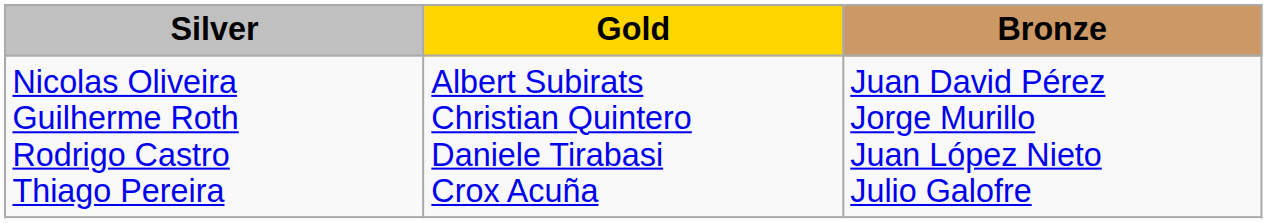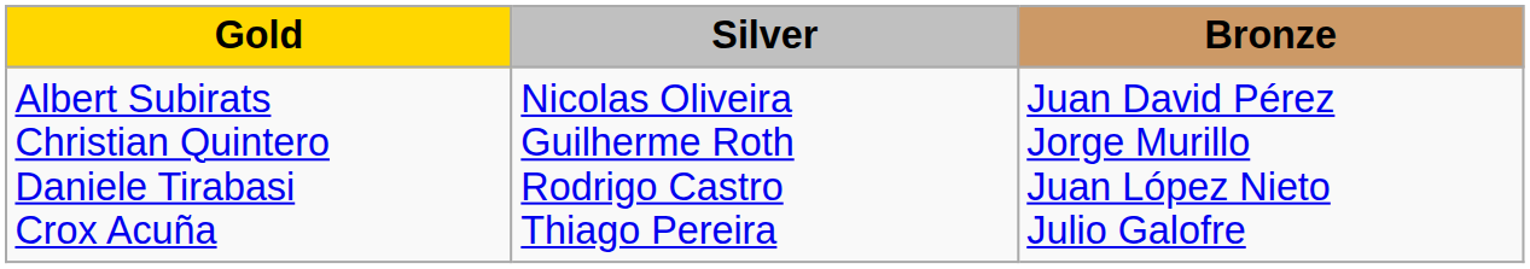 <table class="wikitable" style="text-align:left">
 <tr align="center">
+<td width=200 bgcolor=gold><strong>Gold</strong></td>
 <td width=200 bgcolor=silver><strong>Silver</strong></td>
-<td width=200 bgcolor=gold><strong>Gold</strong></td>
 <td width=200 bgcolor=CC9966><strong>Bronze</strong></td>
 </tr>
 <tr>
+<td><a href='#'>Albert Subirats</a><br><a href='#'>Christian Quintero</a><br><a href='#'>Daniele Tirabasi</a><br><a href='#'>Crox Acuña</a><br><em></em></td>
 <td><a href='#'>Nicolas Oliveira</a><br><a href='#'>Guilherme Roth</a><br><a href='#'>Rodrigo Castro</a><br><a href='#'>Thiago Pereira</a><br><em></em></td>
-<td><a href='#'>Albert Subirats</a><br><a href='#'>Christian Quintero</a><br><a href='#'>Daniele Tirabasi</a><br><a href='#'>Crox Acuña</a><br><em></em></td>
 <td><a href='#'>Juan David Pérez</a><br><a href='#'>Jorge Murillo</a><br><a href='#'>Juan López Nieto</a><br><a href='#'>Julio Galofre</a><br><em></em></td>
 </tr>
 </table>
